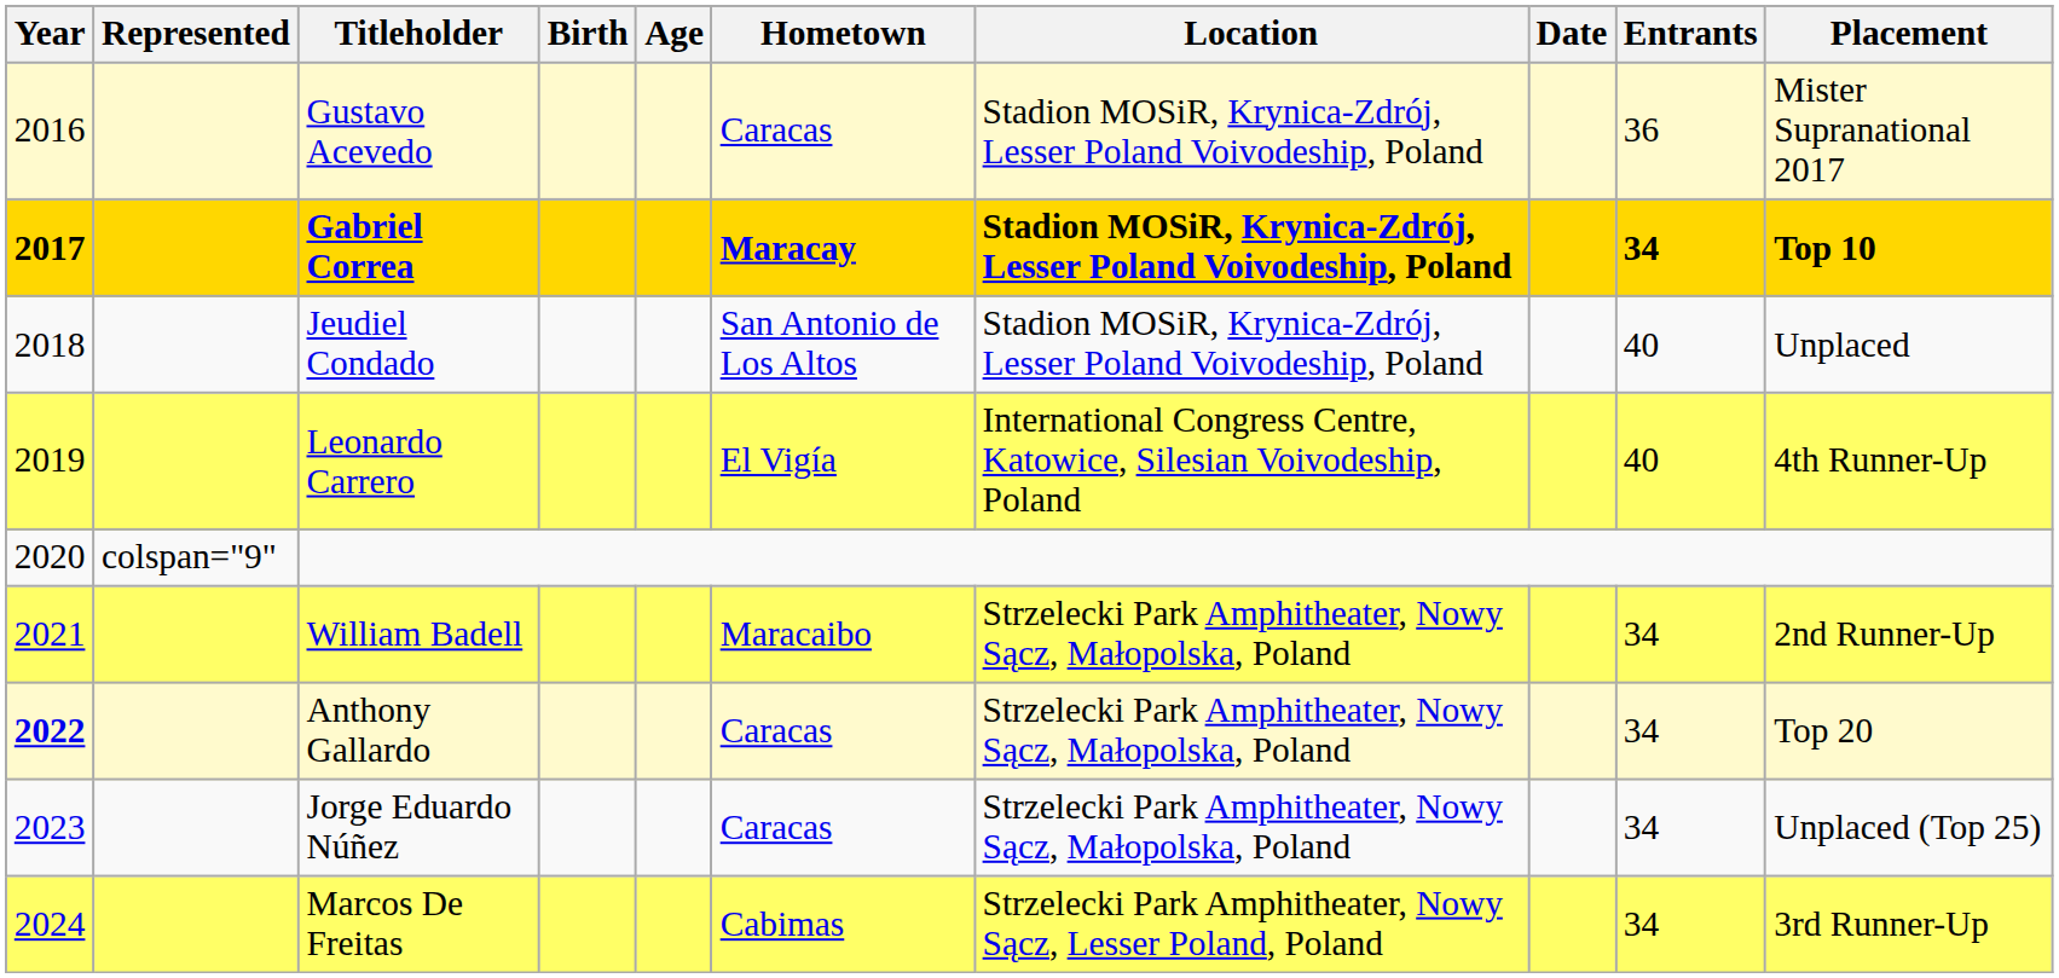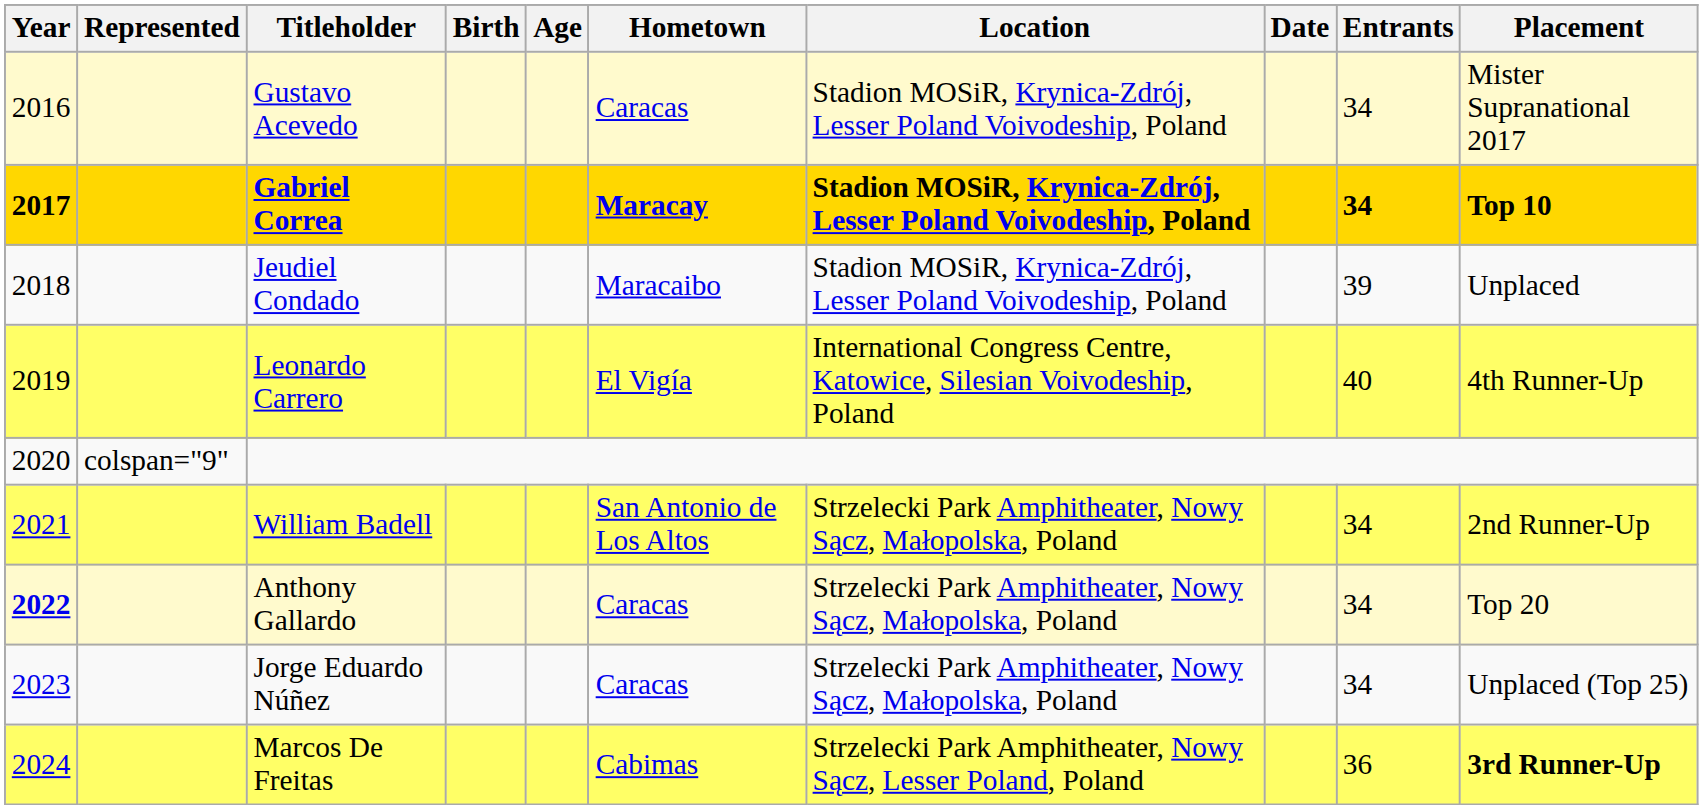 <table class="wikitable sortable" style="margin: 0 1em 0 0; background: #f9f9f9; border: 1px #aaa solid; border-collapse: collapse; font-size: 94%;">
 <tr>
 <th>Year</th>
 <th>Represented</th>
 <th>Titleholder</th>
 <th>Birth</th>
 <th>Age</th>
 <th>Hometown</th>
 <th>Location</th>
 <th>Date</th>
 <th>Entrants</th>
 <th>Placement</th>
 </tr>
 <tr style="background-color:#FFFACD;">
 <td>2016</td>
 <td></td>
 <td><a href='#'>Gustavo Acevedo</a></td>
 <td></td>
 <td></td>
 <td><a href='#'>Caracas</a></td>
 <td>Stadion MOSiR, <a href='#'>Krynica-Zdrój</a>, <a href='#'>Lesser Poland Voivodeship</a>, Poland</td>
 <td></td>
-<td>36</td>
+<td>34</td>
 <td>Mister Supranational 2017</td>
 </tr>
 <tr style="background-color:gold; font-weight: bold ">
 <td>2017</td>
 <td></td>
 <td><a href='#'>Gabriel Correa</a></td>
 <td></td>
 <td></td>
 <td><a href='#'>Maracay</a></td>
 <td>Stadion MOSiR, <a href='#'>Krynica-Zdrój</a>, <a href='#'>Lesser Poland Voivodeship</a>, Poland</td>
 <td></td>
 <td>34</td>
 <td>Top 10</td>
 </tr>
 <tr>
 <td>2018</td>
 <td></td>
 <td><a href='#'>Jeudiel Condado</a></td>
 <td></td>
 <td></td>
-<td><a href='#'>San Antonio de Los Altos</a></td>
+<td><a href='#'>Maracaibo</a></td>
 <td>Stadion MOSiR, <a href='#'>Krynica-Zdrój</a>, <a href='#'>Lesser Poland Voivodeship</a>, Poland</td>
 <td></td>
-<td>40</td>
+<td>39</td>
 <td>Unplaced</td>
 </tr>
 <tr style="background-color:#FFFF66;">
 <td>2019</td>
 <td></td>
 <td><a href='#'>Leonardo Carrero</a></td>
 <td></td>
 <td></td>
 <td><a href='#'>El Vigía</a></td>
 <td>International Congress Centre, <a href='#'>Katowice</a>, <a href='#'>Silesian Voivodeship</a>, Poland</td>
 <td></td>
 <td>40</td>
 <td>4th Runner-Up</td>
 </tr>
 <tr>
 <td>2020</td>
 <td>colspan="9" </td>
 </tr>
 <tr style="background-color:#FFFF66;">
 <td><a href='#'>2021</a></td>
 <td></td>
 <td><a href='#'>William Badell</a></td>
 <td></td>
 <td></td>
-<td><a href='#'>Maracaibo</a></td>
+<td><a href='#'>San Antonio de Los Altos</a></td>
 <td>Strzelecki Park <a href='#'>Amphitheater</a>, <a href='#'>Nowy Sącz</a>, <a href='#'>Małopolska</a>, Poland</td>
 <td></td>
 <td>34</td>
 <td>2nd Runner-Up</td>
 </tr>
 <tr style="background-color:#FFFACD;">
 <td><strong><a href='#'>2022</a></strong></td>
 <td></td>
 <td>Anthony Gallardo</td>
 <td></td>
 <td></td>
 <td><a href='#'>Caracas</a></td>
 <td>Strzelecki Park <a href='#'>Amphitheater</a>, <a href='#'>Nowy Sącz</a>, <a href='#'>Małopolska</a>, Poland</td>
 <td></td>
 <td>34</td>
 <td>Top 20</td>
 </tr>
 <tr>
 <td><a href='#'>2023</a></td>
 <td></td>
 <td>Jorge Eduardo Núñez</td>
 <td></td>
 <td></td>
 <td><a href='#'>Caracas</a></td>
 <td>Strzelecki Park <a href='#'>Amphitheater</a>, <a href='#'>Nowy Sącz</a>, <a href='#'>Małopolska</a>, Poland</td>
 <td></td>
 <td>34</td>
 <td>Unplaced (Top 25)</td>
 </tr>
 <tr style="background-color:#FFFF66;">
 <td><a href='#'>2024</a></td>
 <td></td>
 <td>Marcos De Freitas</td>
 <td></td>
 <td></td>
 <td><a href='#'>Cabimas</a></td>
 <td>Strzelecki Park Amphitheater, <a href='#'>Nowy Sącz</a>, <a href='#'>Lesser Poland</a>, Poland</td>
 <td></td>
-<td>34</td>
-<td>3rd Runner-Up</td>
+<td>36</td>
+<td><strong>3rd Runner-Up</strong></td>
 </tr>
 </table>
